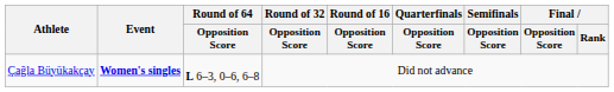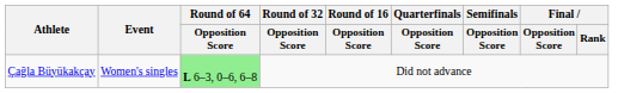 <table class=wikitable style="font-size:90%">
 <tr>
 <th rowspan=2>Athlete</th>
 <th rowspan=2>Event</th>
 <th>Round of 64</th>
 <th>Round of 32</th>
 <th>Round of 16</th>
 <th>Quarterfinals</th>
 <th>Semifinals</th>
 <th colspan=2>Final / </th>
 </tr>
 <tr style="font-size:95%">
 <th>Opposition<br>Score</th>
 <th>Opposition<br>Score</th>
 <th>Opposition<br>Score</th>
 <th>Opposition<br>Score</th>
 <th>Opposition<br>Score</th>
 <th>Opposition<br>Score</th>
 <th>Rank</th>
 </tr>
 <tr align=center>
 <td align=left><a href='#'>Çağla Büyükakçay</a></td>
-<td align=left><strong><a href='#'>Women's singles</a></strong></td>
-<td><br><strong>L</strong> 6–3, 0–6, 6–8</td>
+<td align=left><a href='#'>Women's singles</a></td>
+<td style="background: lightgreen;"><br><strong>L</strong> 6–3, 0–6, 6–8</td>
 <td colspan=6>Did not advance</td>
 </tr>
 </table>
